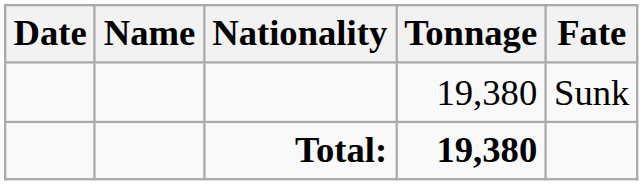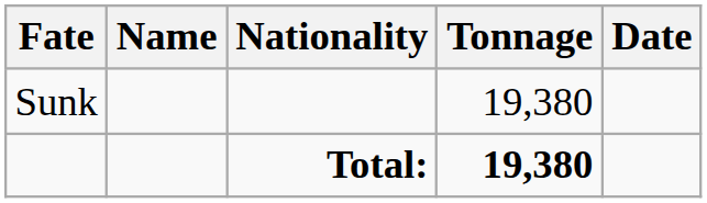 <table class="wikitable sortable" style="text-align:right;">
 <tr>
-<th>Date</th>
+<th>Fate</th>
 <th>Name</th>
 <th>Nationality</th>
 <th>Tonnage</th>
-<th>Fate</th>
+<th>Date</th>
 </tr>
 <tr>
-<td align="right"></td>
+<td align="left">Sunk</td>
 <td align="left"></td>
 <td align="left"></td>
 <td align="right">19,380</td>
-<td align="left">Sunk</td>
+<td align="right"></td>
 </tr>
 <tr>
 <td></td>
 <td></td>
 <td align="right"><strong>Total:</strong></td>
 <td align="right"><strong>19,380</strong></td>
 <td></td>
 </tr>
 </table>
